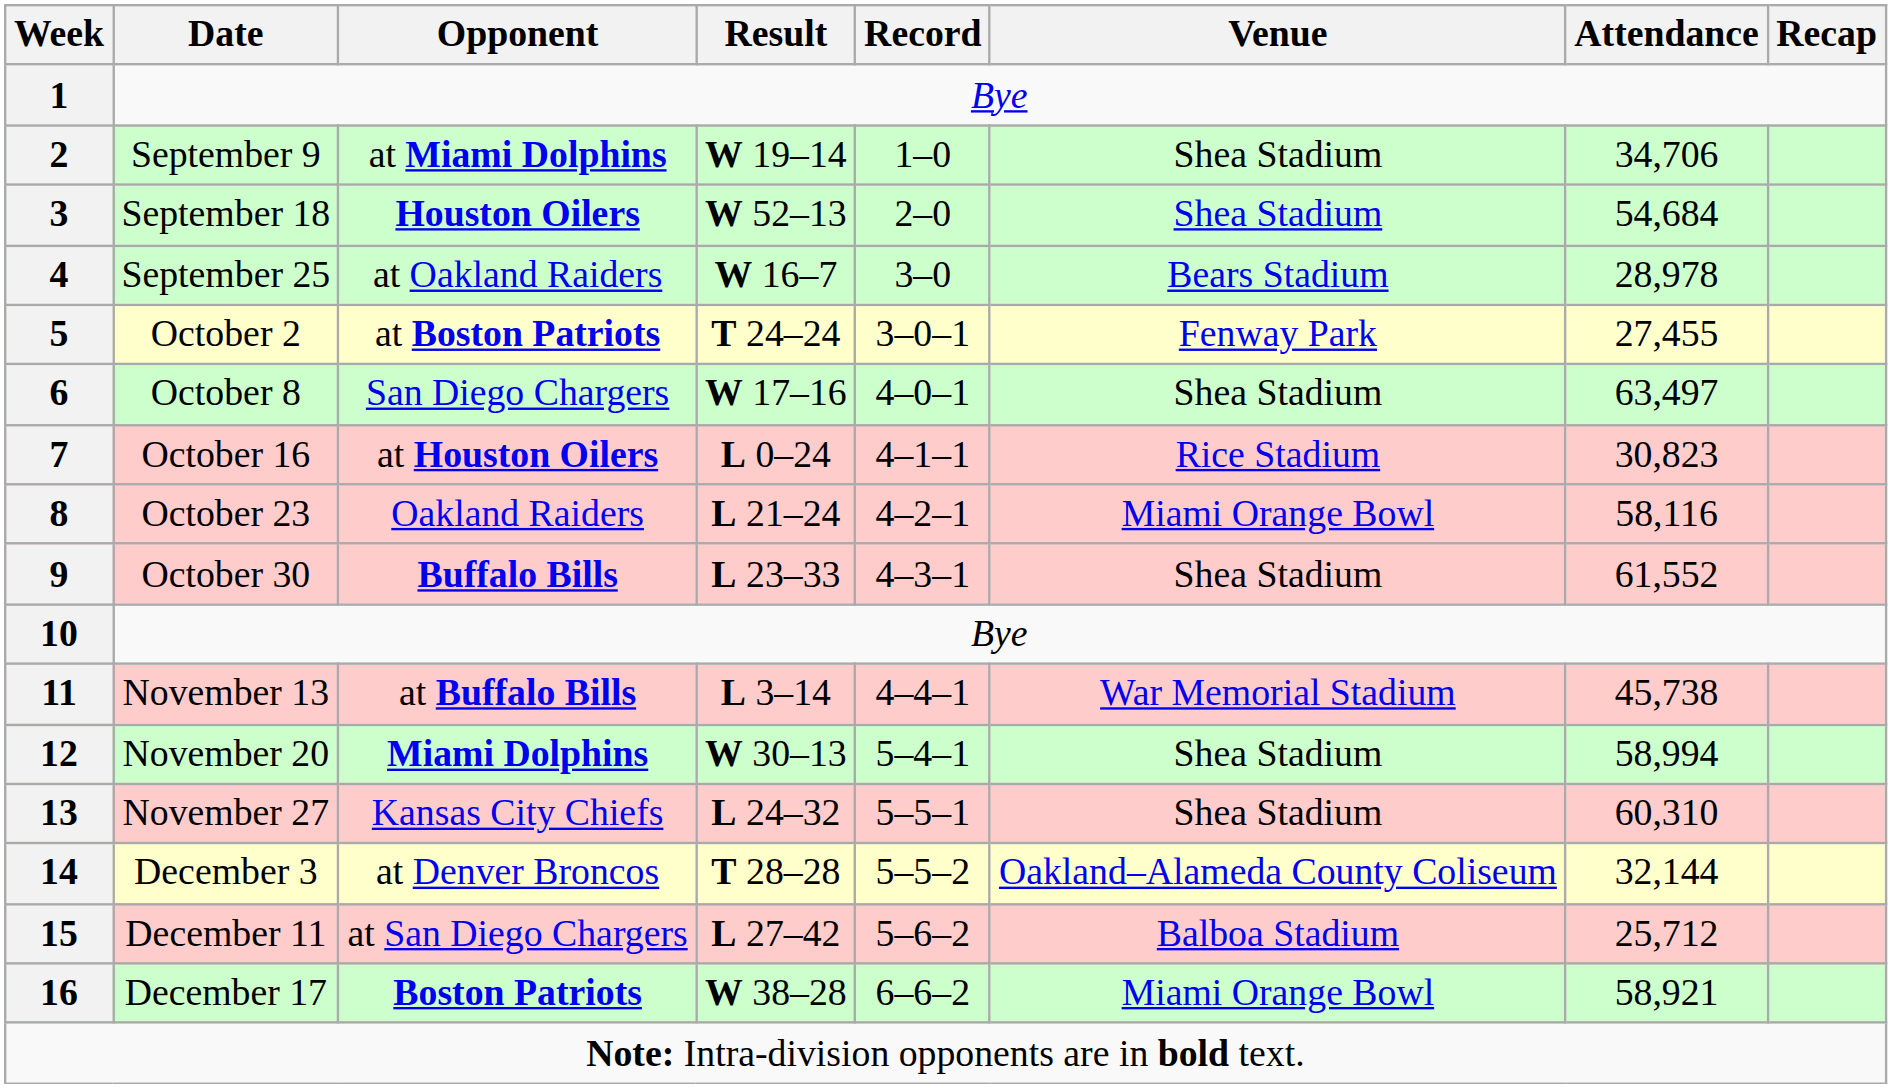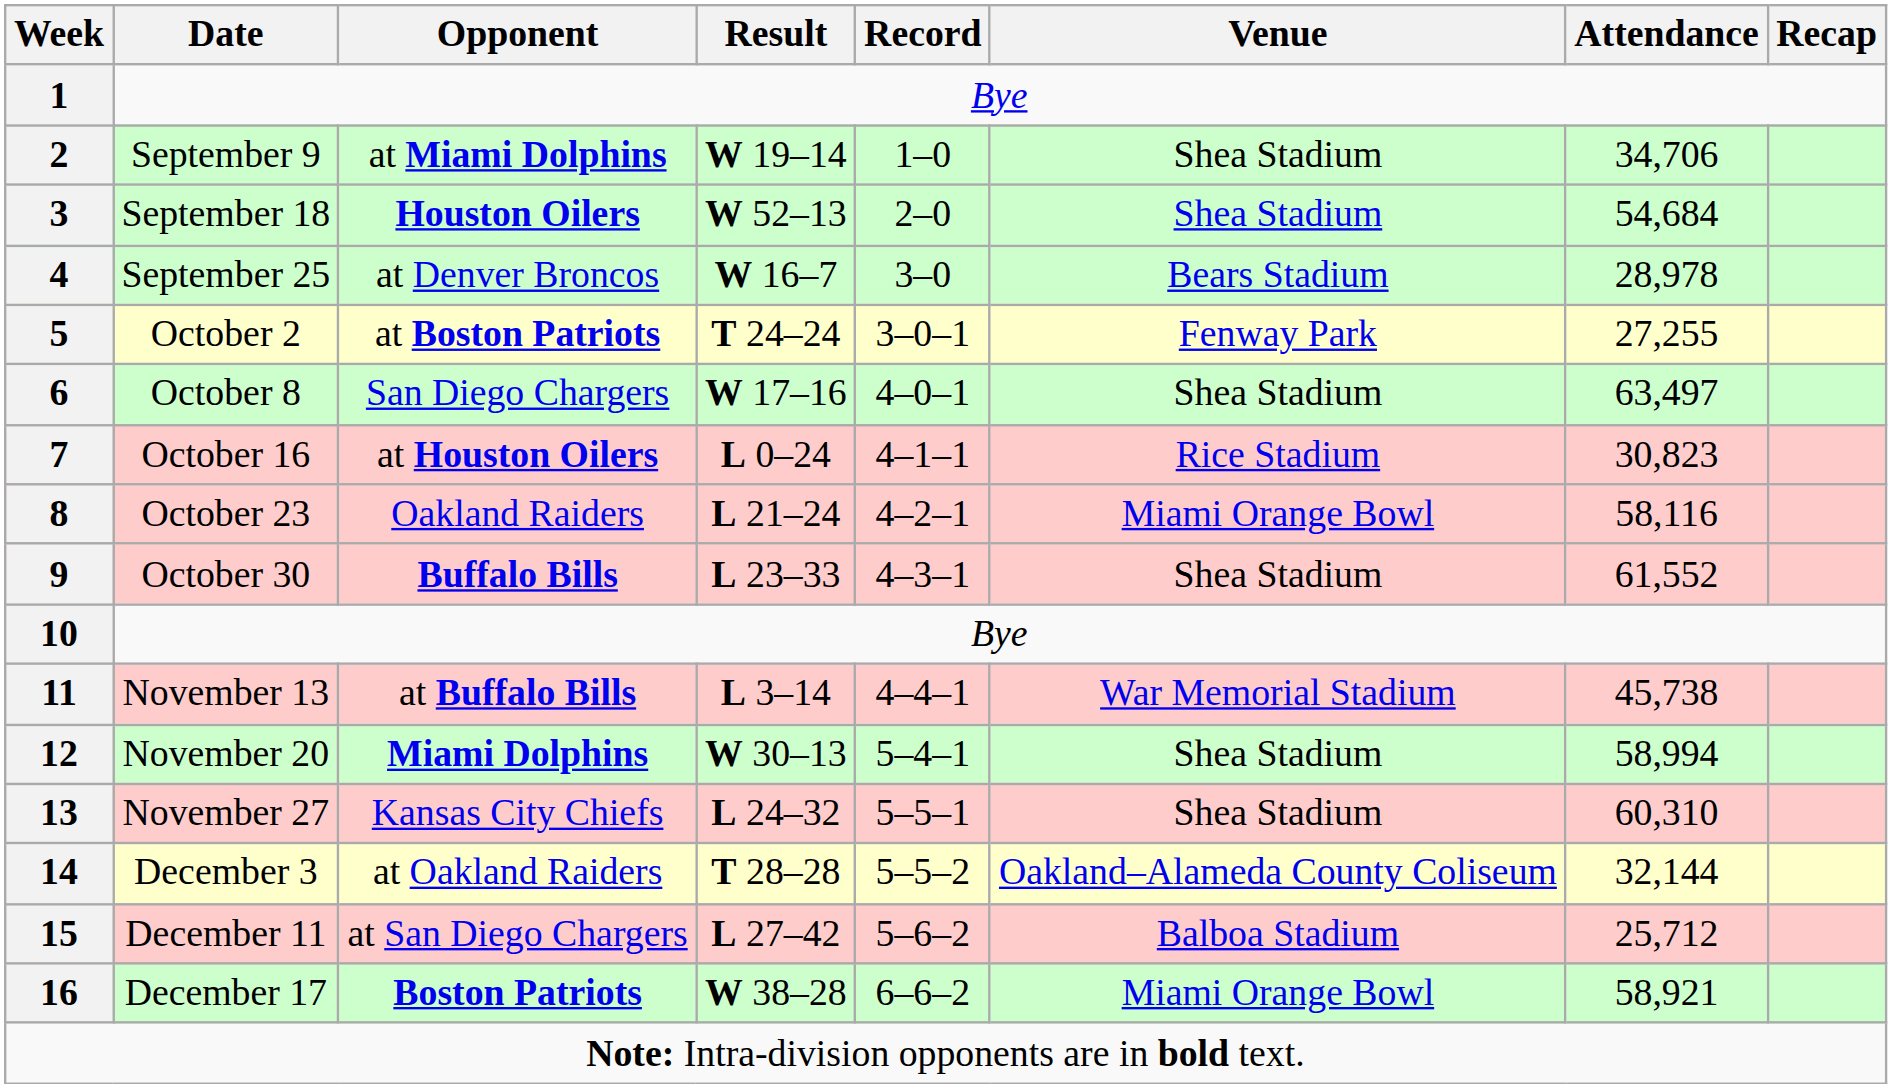 <table class="wikitable" style="text-align:center">
 <tr>
 <th>Week</th>
 <th>Date</th>
 <th>Opponent</th>
 <th>Result</th>
 <th>Record</th>
 <th>Venue</th>
 <th>Attendance</th>
 <th>Recap</th>
 </tr>
 <tr>
 <th>1</th>
 <td align=center colspan=7><em><a href='#'>Bye</a></em></td>
 </tr>
 <tr style="background:#cfc">
 <th>2</th>
 <td>September 9</td>
 <td>at <strong><a href='#'>Miami Dolphins</a></strong></td>
 <td><strong>W</strong> 19–14</td>
 <td>1–0</td>
 <td>Shea Stadium</td>
 <td>34,706</td>
 <td></td>
 </tr>
 <tr style="background:#cfc">
 <th>3</th>
 <td>September 18</td>
 <td><strong><a href='#'>Houston Oilers</a></strong></td>
 <td><strong>W</strong> 52–13</td>
 <td>2–0</td>
 <td><a href='#'>Shea Stadium</a></td>
 <td>54,684</td>
 <td></td>
 </tr>
 <tr style="background:#cfc">
 <th>4</th>
 <td>September 25</td>
-<td>at <a href='#'>Oakland Raiders</a></td>
+<td>at <a href='#'>Denver Broncos</a></td>
 <td><strong>W</strong> 16–7</td>
 <td>3–0</td>
 <td><a href='#'>Bears Stadium</a></td>
 <td>28,978</td>
 <td></td>
 </tr>
 <tr style="background:#ffc">
 <th>5</th>
 <td>October 2</td>
 <td>at <strong><a href='#'>Boston Patriots</a></strong></td>
 <td><strong>T</strong> 24–24</td>
 <td>3–0–1</td>
 <td><a href='#'>Fenway Park</a></td>
-<td>27,455</td>
+<td>27,255</td>
 <td></td>
 </tr>
 <tr style="background:#cfc">
 <th>6</th>
 <td>October 8</td>
 <td><a href='#'>San Diego Chargers</a></td>
 <td><strong>W</strong> 17–16</td>
 <td>4–0–1</td>
 <td>Shea Stadium</td>
 <td>63,497</td>
 <td></td>
 </tr>
 <tr style="background:#fcc">
 <th>7</th>
 <td>October 16</td>
 <td>at <strong><a href='#'>Houston Oilers</a></strong></td>
 <td><strong>L</strong> 0–24</td>
 <td>4–1–1</td>
 <td><a href='#'>Rice Stadium</a></td>
 <td>30,823</td>
 <td></td>
 </tr>
 <tr style="background:#fcc">
 <th>8</th>
 <td>October 23</td>
 <td><a href='#'>Oakland Raiders</a></td>
 <td><strong>L</strong> 21–24</td>
 <td>4–2–1</td>
 <td><a href='#'>Miami Orange Bowl</a></td>
 <td>58,116</td>
 <td></td>
 </tr>
 <tr style="background:#fcc">
 <th>9</th>
 <td>October 30</td>
 <td><strong><a href='#'>Buffalo Bills</a></strong></td>
 <td><strong>L</strong> 23–33</td>
 <td>4–3–1</td>
 <td>Shea Stadium</td>
 <td>61,552</td>
 <td></td>
 </tr>
 <tr>
 <th>10</th>
 <td align=center colspan=7><em>Bye</em></td>
 </tr>
 <tr style="background:#fcc">
 <th>11</th>
 <td>November 13</td>
 <td>at <strong><a href='#'>Buffalo Bills</a></strong></td>
 <td><strong>L</strong> 3–14</td>
 <td>4–4–1</td>
 <td><a href='#'>War Memorial Stadium</a></td>
 <td>45,738</td>
 <td></td>
 </tr>
 <tr style="background:#cfc">
 <th>12</th>
 <td>November 20</td>
 <td><strong><a href='#'>Miami Dolphins</a></strong></td>
 <td><strong>W</strong> 30–13</td>
 <td>5–4–1</td>
 <td>Shea Stadium</td>
 <td>58,994</td>
 <td></td>
 </tr>
 <tr style="background:#fcc">
 <th>13</th>
 <td>November 27</td>
 <td><a href='#'>Kansas City Chiefs</a></td>
 <td><strong>L</strong> 24–32</td>
 <td>5–5–1</td>
 <td>Shea Stadium</td>
 <td>60,310</td>
 <td></td>
 </tr>
 <tr style="background:#ffc">
 <th>14</th>
 <td>December 3</td>
-<td>at <a href='#'>Denver Broncos</a></td>
+<td>at <a href='#'>Oakland Raiders</a></td>
 <td><strong>T</strong> 28–28</td>
 <td>5–5–2</td>
 <td><a href='#'>Oakland–Alameda County Coliseum</a></td>
 <td>32,144</td>
 <td></td>
 </tr>
 <tr style="background:#fcc">
 <th>15</th>
 <td>December 11</td>
 <td>at <a href='#'>San Diego Chargers</a></td>
 <td><strong>L</strong> 27–42</td>
 <td>5–6–2</td>
 <td><a href='#'>Balboa Stadium</a></td>
 <td>25,712</td>
 <td></td>
 </tr>
 <tr style="background:#cfc">
 <th>16</th>
 <td>December 17</td>
 <td><strong><a href='#'>Boston Patriots</a></strong></td>
 <td><strong>W</strong> 38–28</td>
 <td>6–6–2</td>
 <td><a href='#'>Miami Orange Bowl</a></td>
 <td>58,921</td>
 <td></td>
 </tr>
 <tr>
 <td colspan="8"><strong>Note:</strong> Intra-division opponents are in <strong>bold</strong> text.</td>
 </tr>
 </table>
